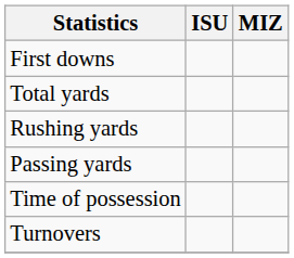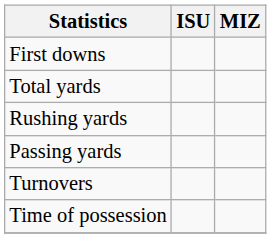 <table class="wikitable" style="float: left;">
 <tr>
 <th>Statistics</th>
 <th>ISU</th>
 <th>MIZ</th>
 </tr>
 <tr>
 <td>First downs</td>
 <td></td>
 <td></td>
 </tr>
 <tr>
 <td>Total yards</td>
 <td></td>
 <td></td>
 </tr>
 <tr>
 <td>Rushing yards</td>
 <td></td>
 <td></td>
 </tr>
 <tr>
 <td>Passing yards</td>
 <td></td>
 <td></td>
 </tr>
 <tr>
-<td>Time of possession</td>
+<td>Turnovers</td>
 <td></td>
 <td></td>
 </tr>
 <tr>
-<td>Turnovers</td>
+<td>Time of possession</td>
 <td></td>
 <td></td>
 </tr>
 <tr>
 </tr>
 </table>
